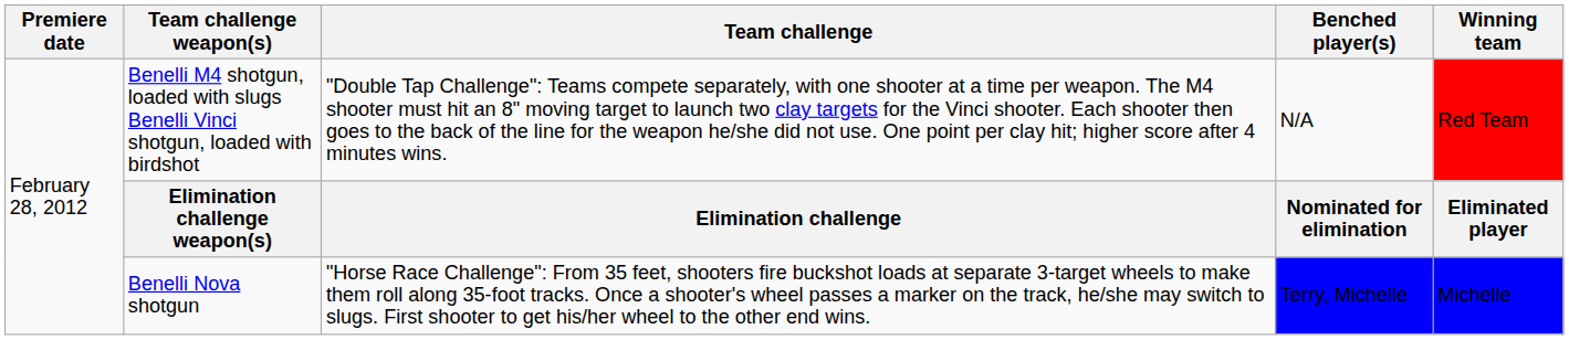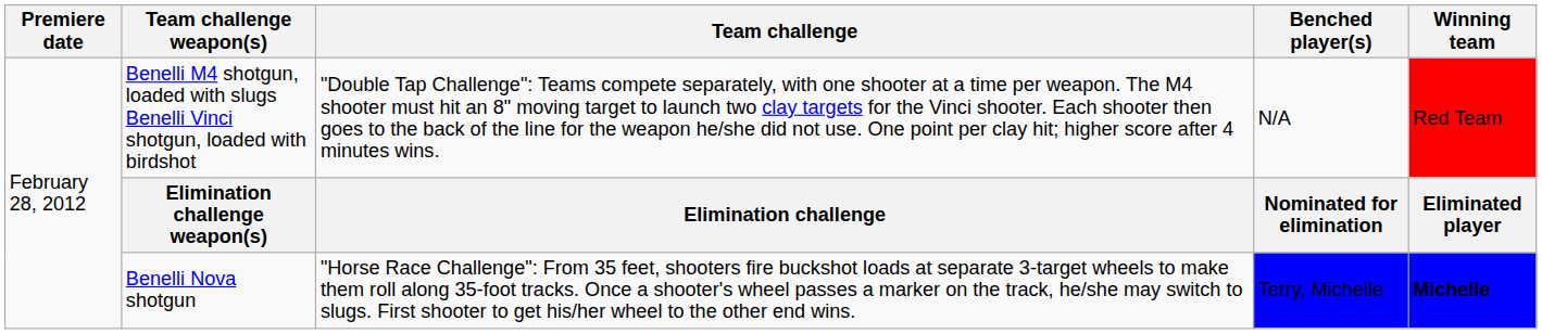 <table class="wikitable">
 <tr>
 <th>Premiere date</th>
 <th>Team challenge weapon(s)</th>
 <th>Team challenge</th>
 <th>Benched player(s)</th>
 <th>Winning team</th>
 </tr>
 <tr>
 <td rowspan="3">February 28, 2012</td>
 <td><a href='#'>Benelli M4</a> shotgun, loaded with slugs<br><a href='#'>Benelli Vinci</a> shotgun, loaded with birdshot</td>
 <td>"Double Tap Challenge": Teams compete separately, with one shooter at a time per weapon. The M4 shooter must hit an 8" moving target to launch two <a href='#'>clay targets</a> for the Vinci shooter. Each shooter then goes to the back of the line for the weapon he/she did not use. One point per clay hit; higher score after 4 minutes wins.</td>
 <td>N/A</td>
 <td bgcolor="red"><span>Red Team</span></td>
 </tr>
 <tr>
 <th>Elimination challenge weapon(s)</th>
 <th>Elimination challenge</th>
 <th>Nominated for elimination</th>
 <th>Eliminated player</th>
 </tr>
 <tr>
 <td><a href='#'>Benelli Nova</a> shotgun</td>
 <td>"Horse Race Challenge": From 35 feet, shooters fire buckshot loads at separate 3-target wheels to make them roll along 35-foot tracks. Once a shooter's wheel passes a marker on the track, he/she may switch to slugs. First shooter to get his/her wheel to the other end wins.</td>
 <td bgcolor="blue"><span>Terry, Michelle</span></td>
-<td bgcolor="blue"><span>Michelle</span></td>
+<td bgcolor="blue"><strong><span>Michelle</span></strong></td>
 </tr>
 </table>
